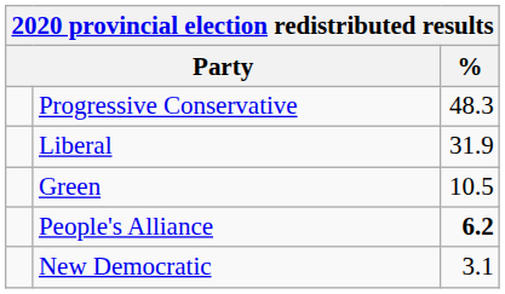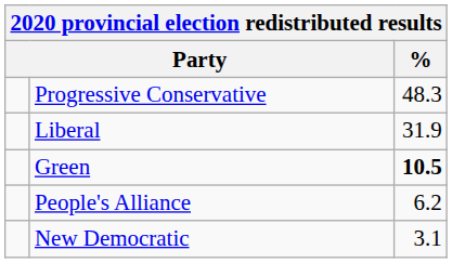 <table class="wikitable">
 <tr>
 <th colspan="4"><a href='#'>2020 provincial election</a> redistributed results</th>
 </tr>
 <tr>
 <th bgcolor="#DDDDFF" width="130px" colspan="2">Party</th>
 <th bgcolor="#DDDDFF" width="30px">%</th>
 </tr>
 <tr>
 <td> </td>
 <td><a href='#'>Progressive Conservative</a></td>
 <td align=right>48.3</td>
 </tr>
 <tr>
 <td> </td>
 <td><a href='#'>Liberal</a></td>
 <td align=right>31.9</td>
 </tr>
 <tr>
 <td> </td>
 <td><a href='#'>Green</a></td>
-<td align=right>10.5</td>
+<td align=right><strong>10.5</strong></td>
 </tr>
 <tr>
 <td> </td>
 <td><a href='#'>People's Alliance</a></td>
-<td align=right><strong>6.2</strong></td>
+<td align=right>6.2</td>
 </tr>
 <tr>
 <td> </td>
 <td><a href='#'>New Democratic</a></td>
 <td align=right>3.1</td>
 </tr>
 </table>
